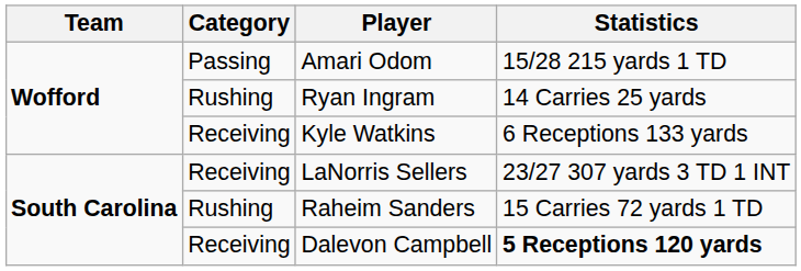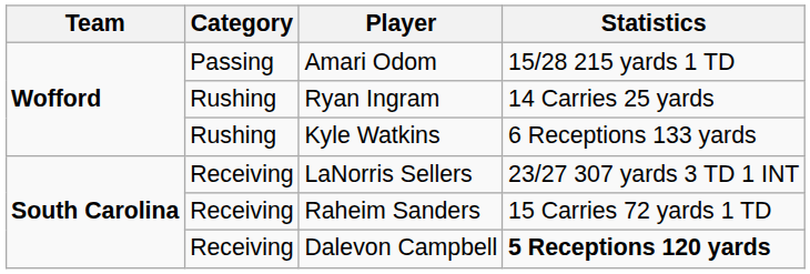 <table class="wikitable" style="float: right;">
 <tr>
 <th>Team</th>
 <th>Category</th>
 <th>Player</th>
 <th>Statistics</th>
 </tr>
 <tr>
 <td rowspan=3><strong>Wofford</strong></td>
 <td>Passing</td>
 <td>Amari Odom</td>
 <td>15/28 215 yards 1 TD</td>
 </tr>
 <tr>
 <td>Rushing</td>
 <td>Ryan Ingram</td>
 <td>14 Carries 25 yards</td>
 </tr>
 <tr>
-<td>Receiving</td>
+<td>Rushing</td>
 <td>Kyle Watkins</td>
 <td>6 Receptions 133 yards</td>
 </tr>
 <tr>
 <td rowspan=3><strong>South Carolina</strong></td>
 <td>Receiving</td>
 <td>LaNorris Sellers</td>
 <td>23/27 307 yards 3 TD 1 INT</td>
 </tr>
 <tr>
-<td>Rushing</td>
+<td>Receiving</td>
 <td>Raheim Sanders</td>
 <td>15 Carries 72 yards 1 TD</td>
 </tr>
 <tr>
 <td>Receiving</td>
 <td>Dalevon Campbell</td>
 <td><strong>5 Receptions 120 yards</strong></td>
 </tr>
 </table>
